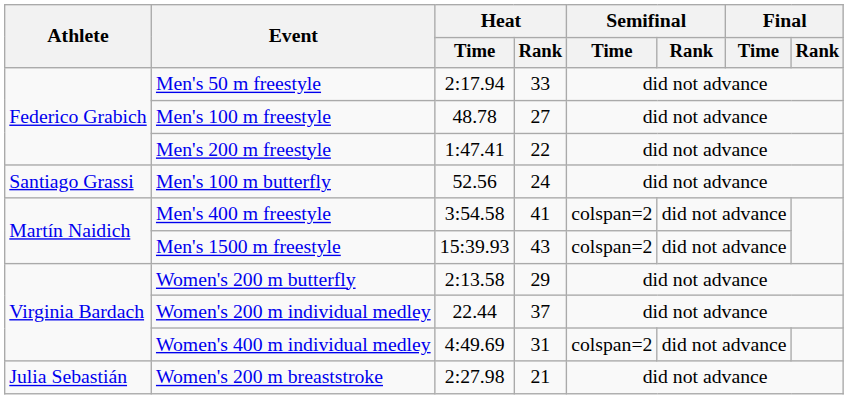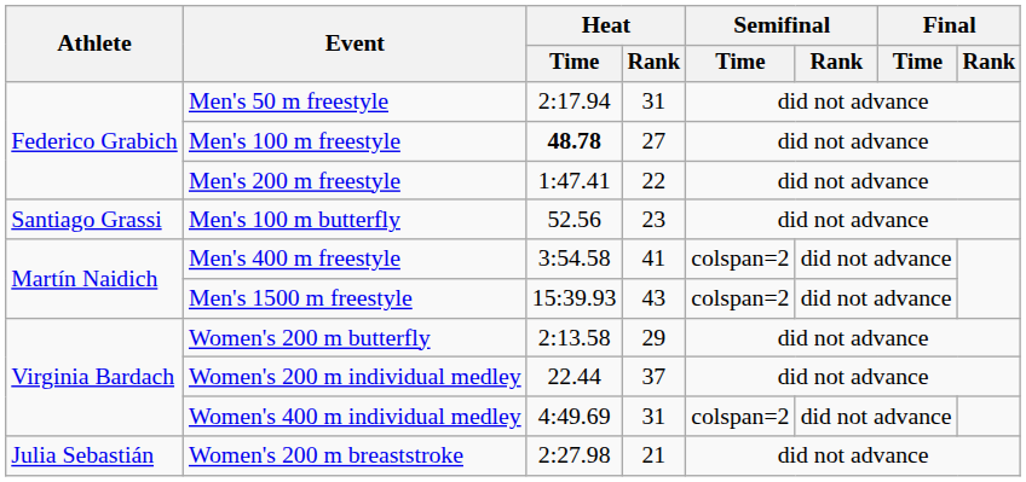 <table class=wikitable style="font-size:90%">
 <tr>
 <th rowspan="2">Athlete</th>
 <th rowspan="2">Event</th>
 <th colspan="2">Heat</th>
 <th colspan="2">Semifinal</th>
 <th colspan="2">Final</th>
 </tr>
 <tr style="font-size:95%">
 <th>Time</th>
 <th>Rank</th>
 <th>Time</th>
 <th>Rank</th>
 <th>Time</th>
 <th>Rank</th>
 </tr>
 <tr align=center>
 <td align=left rowspan=3><a href='#'>Federico Grabich</a></td>
 <td align=left><a href='#'>Men's 50 m freestyle</a></td>
 <td>2:17.94</td>
-<td>33</td>
+<td>31</td>
 <td colspan=4>did not advance</td>
 </tr>
 <tr align=center>
 <td align=left><a href='#'>Men's 100 m freestyle</a></td>
-<td>48.78</td>
+<td><strong>48.78</strong></td>
 <td>27</td>
 <td colspan=4>did not advance</td>
 </tr>
 <tr align=center>
 <td align=left><a href='#'>Men's 200 m freestyle</a></td>
 <td>1:47.41</td>
 <td>22</td>
 <td colspan=4>did not advance</td>
 </tr>
 <tr align=center>
 <td align=left><a href='#'>Santiago Grassi</a></td>
 <td align=left><a href='#'>Men's 100 m butterfly</a></td>
 <td>52.56</td>
-<td>24</td>
+<td>23</td>
 <td colspan=4>did not advance</td>
 </tr>
 <tr align=center>
 <td align=left rowspan=2><a href='#'>Martín Naidich</a></td>
 <td align=left><a href='#'>Men's 400 m freestyle</a></td>
 <td>3:54.58</td>
 <td>41</td>
 <td>colspan=2 </td>
 <td colspan=2>did not advance</td>
 </tr>
 <tr align=center>
 <td align=left><a href='#'>Men's 1500 m freestyle</a></td>
 <td>15:39.93</td>
 <td>43</td>
 <td>colspan=2 </td>
 <td colspan=2>did not advance</td>
 </tr>
 <tr align=center>
 <td align=left rowspan=3><a href='#'>Virginia Bardach</a></td>
 <td align=left><a href='#'>Women's 200 m butterfly</a></td>
 <td>2:13.58</td>
 <td>29</td>
 <td colspan=4>did not advance</td>
 </tr>
 <tr align=center>
 <td align=left><a href='#'>Women's 200 m individual medley</a></td>
 <td>22.44</td>
 <td>37</td>
 <td colspan=4>did not advance</td>
 </tr>
 <tr align=center>
 <td align=left><a href='#'>Women's 400 m individual medley</a></td>
 <td>4:49.69</td>
 <td>31</td>
 <td>colspan=2 </td>
 <td colspan=2>did not advance</td>
 </tr>
 <tr align=center>
 <td align=left><a href='#'>Julia Sebastián</a></td>
 <td align=left><a href='#'>Women's 200 m breaststroke</a></td>
 <td>2:27.98</td>
 <td>21</td>
 <td colspan=4>did not advance</td>
 </tr>
 </table>
